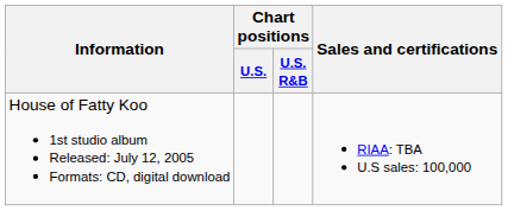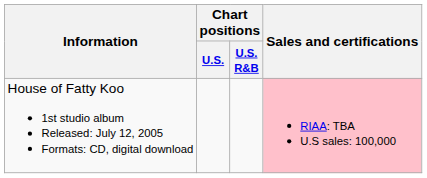 <table class="wikitable">
 <tr>
 <th rowspan="2">Information</th>
 <th colspan="2">Chart positions</th>
 <th rowspan="2">Sales and certifications</th>
 </tr>
 <tr>
 <th style="width:30px;"><small><a href='#'>U.S.</a></small></th>
 <th style="width:30px;"><small><a href='#'>U.S. R&B</a></small></th>
 </tr>
 <tr>
 <td align="left">House of Fatty Koo<br><ul><li><small>1st studio album</small></li><li><small>Released: July 12, 2005</small></li><li><small>Formats: CD, digital download</small></li></ul></td>
 <td></td>
 <td></td>
-<td><br><ul><li><small><a href='#'>RIAA</a>: TBA</small></li><li><small>U.S sales: 100,000</small></li></ul></td>
+<td style="background: pink;"><br><ul><li><small><a href='#'>RIAA</a>: TBA</small></li><li><small>U.S sales: 100,000</small></li></ul></td>
 </tr>
 </table>
